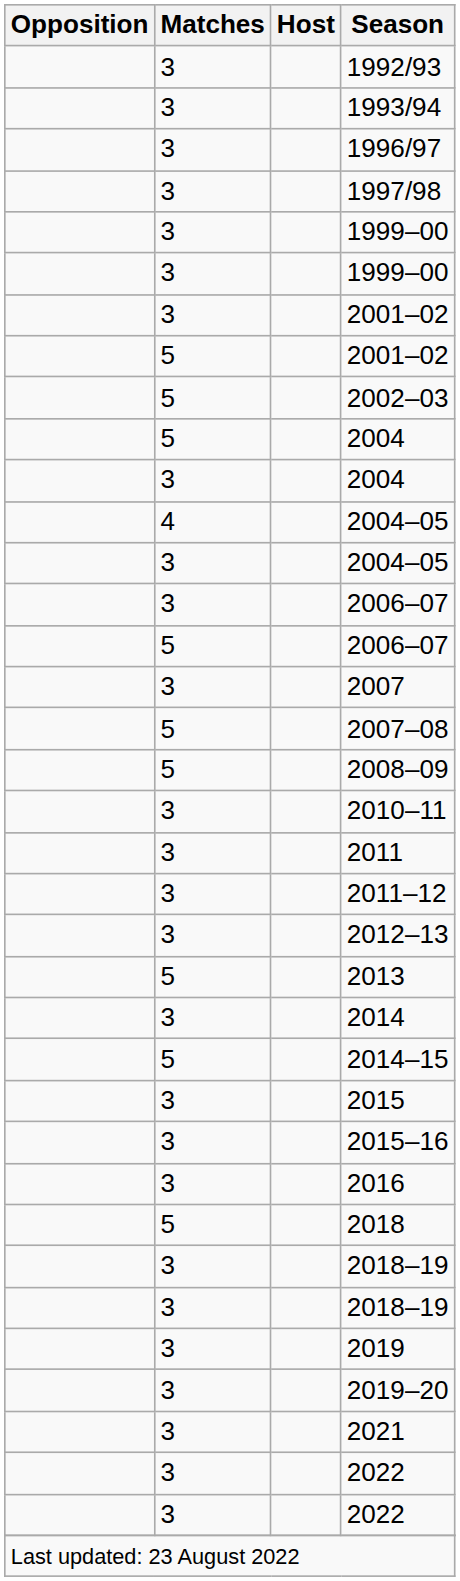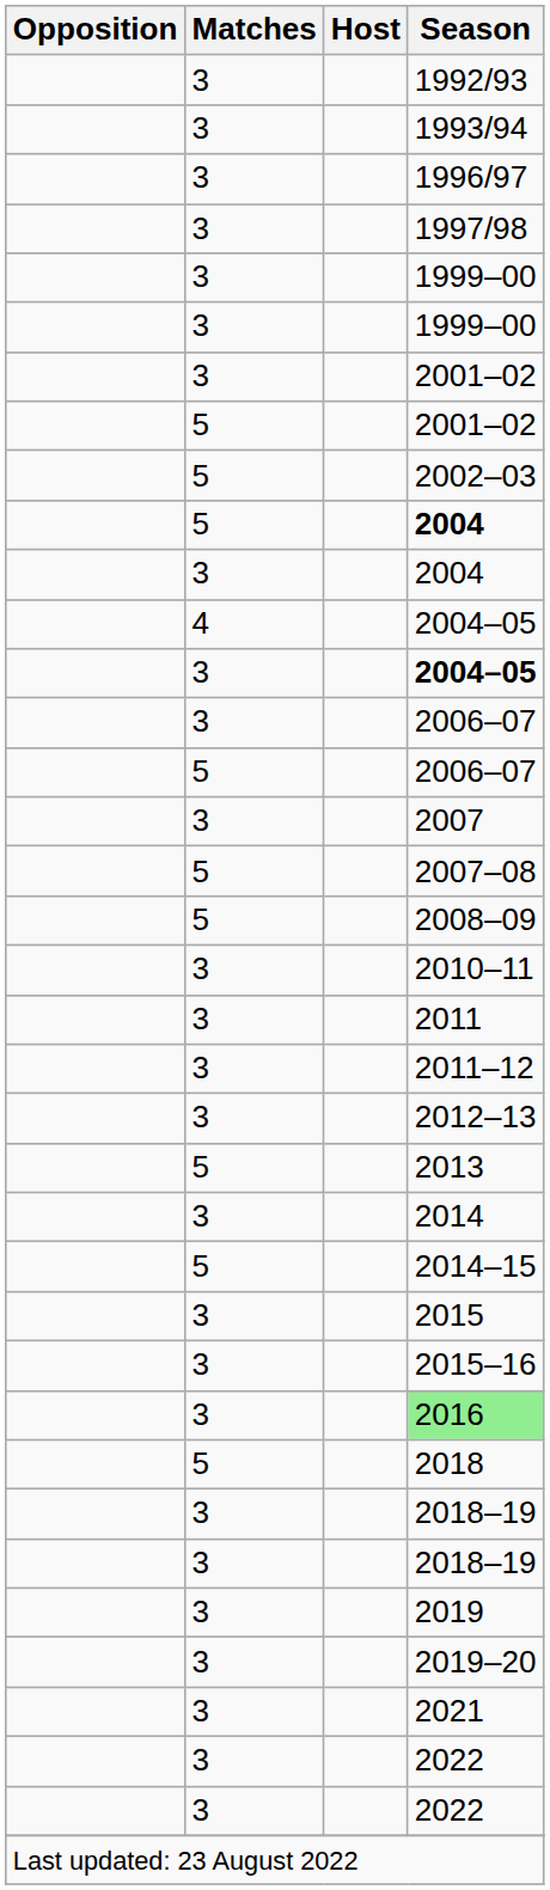 <table class="wikitable plainrowheaders sortable">
 <tr>
 <th scope=col>Opposition</th>
 <th scope=col style="text-align:center">Matches</th>
 <th scope=col>Host</th>
 <th scope=col style="text-align:center">Season</th>
 </tr>
 <tr>
 <td></td>
 <td>3</td>
 <td></td>
 <td>1992/93</td>
 </tr>
 <tr>
 <td></td>
 <td>3</td>
 <td></td>
 <td>1993/94</td>
 </tr>
 <tr>
 <td></td>
 <td>3</td>
 <td></td>
 <td>1996/97</td>
 </tr>
 <tr>
 <td></td>
 <td>3</td>
 <td></td>
 <td>1997/98</td>
 </tr>
 <tr>
 <td></td>
 <td>3</td>
 <td></td>
 <td>1999–00</td>
 </tr>
 <tr>
 <td></td>
 <td>3</td>
 <td></td>
 <td>1999–00</td>
 </tr>
 <tr>
 <td></td>
 <td>3</td>
 <td></td>
 <td>2001–02</td>
 </tr>
 <tr>
 <td></td>
 <td>5</td>
 <td></td>
 <td>2001–02</td>
 </tr>
 <tr>
 <td></td>
 <td>5</td>
 <td></td>
 <td>2002–03</td>
 </tr>
 <tr>
 <td></td>
 <td>5</td>
 <td></td>
-<td>2004</td>
+<td><strong>2004</strong></td>
 </tr>
 <tr>
 <td></td>
 <td>3</td>
 <td></td>
 <td>2004</td>
 </tr>
 <tr>
 <td></td>
 <td>4</td>
 <td></td>
 <td>2004–05</td>
 </tr>
 <tr>
 <td></td>
 <td>3</td>
 <td></td>
-<td>2004–05</td>
+<td><strong>2004–05</strong></td>
 </tr>
 <tr>
 <td></td>
 <td>3</td>
 <td></td>
 <td>2006–07</td>
 </tr>
 <tr>
 <td></td>
 <td>5</td>
 <td></td>
 <td>2006–07</td>
 </tr>
 <tr>
 <td></td>
 <td>3</td>
 <td></td>
 <td>2007</td>
 </tr>
 <tr>
 <td></td>
 <td>5</td>
 <td></td>
 <td>2007–08</td>
 </tr>
 <tr>
 <td></td>
 <td>5</td>
 <td></td>
 <td>2008–09</td>
 </tr>
 <tr>
 <td></td>
 <td>3</td>
 <td></td>
 <td>2010–11</td>
 </tr>
 <tr>
 <td></td>
 <td>3</td>
 <td></td>
 <td>2011</td>
 </tr>
 <tr>
 <td></td>
 <td>3</td>
 <td></td>
 <td>2011–12</td>
 </tr>
 <tr>
 <td></td>
 <td>3</td>
 <td></td>
 <td>2012–13</td>
 </tr>
 <tr>
 <td></td>
 <td>5</td>
 <td></td>
 <td>2013</td>
 </tr>
 <tr>
 <td></td>
 <td>3</td>
 <td></td>
 <td>2014</td>
 </tr>
 <tr>
 <td></td>
 <td>5</td>
 <td></td>
 <td>2014–15</td>
 </tr>
 <tr>
 <td></td>
 <td>3</td>
 <td></td>
 <td>2015</td>
 </tr>
 <tr>
 <td></td>
 <td>3</td>
 <td></td>
 <td>2015–16</td>
 </tr>
 <tr>
 <td></td>
 <td>3</td>
 <td></td>
-<td>2016</td>
+<td style="background: lightgreen;">2016</td>
 </tr>
 <tr>
 <td></td>
 <td>5</td>
 <td></td>
 <td>2018</td>
 </tr>
 <tr>
 <td></td>
 <td>3</td>
 <td></td>
 <td>2018–19</td>
 </tr>
 <tr>
 <td></td>
 <td>3</td>
 <td></td>
 <td>2018–19</td>
 </tr>
 <tr>
 <td></td>
 <td>3</td>
 <td></td>
 <td>2019</td>
 </tr>
 <tr>
 <td></td>
 <td>3</td>
 <td></td>
 <td>2019–20</td>
 </tr>
 <tr>
 <td></td>
 <td>3</td>
 <td></td>
 <td>2021</td>
 </tr>
 <tr>
 <td></td>
 <td>3</td>
 <td></td>
 <td>2022</td>
 </tr>
 <tr>
 <td></td>
 <td>3</td>
 <td></td>
 <td>2022</td>
 </tr>
 <tr>
 </tr>
 <tr class=sortbottom>
 <td colspan=5><small>Last updated: 23 August 2022</small></td>
 </tr>
 </table>
